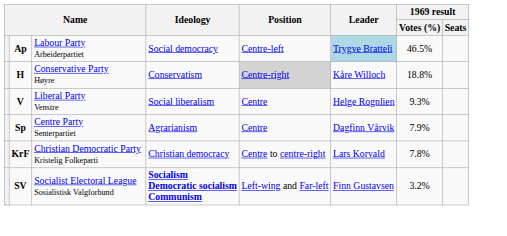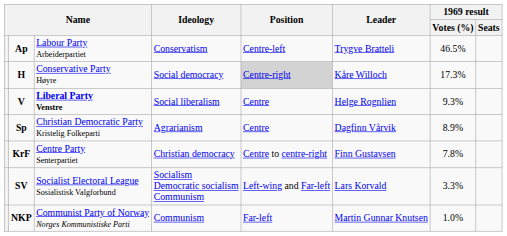 <table class="wikitable">
 <tr>
 <th rowspan=2 colspan=3 width=225px>Name</th>
 <th rowspan=2>Ideology</th>
 <th rowspan=2>Position</th>
 <th rowspan=2>Leader</th>
 <th colspan=2>1969 result</th>
 </tr>
 <tr>
 <th>Votes (%)</th>
 <th>Seats</th>
 </tr>
 <tr>
 <th style="background:"></th>
 <td align=center><strong>Ap</strong></td>
 <td><a href='#'>Labour Party</a><br><small>Arbeiderpartiet</small></td>
-<td><a href='#'>Social democracy</a></td>
+<td><a href='#'>Conservatism</a></td>
 <td><a href='#'>Centre-left</a></td>
-<td style="background: lightblue;"><a href='#'>Trygve Bratteli</a></td>
+<td><a href='#'>Trygve Bratteli</a></td>
 <td align=center>46.5%</td>
 <td></td>
 </tr>
 <tr>
 <th style="background:"></th>
 <td align=center><strong>H</strong></td>
 <td><a href='#'>Conservative Party</a><br><small>Høyre</small></td>
-<td><a href='#'>Conservatism</a></td>
+<td><a href='#'>Social democracy</a></td>
 <td style="background: lightgrey;"><a href='#'>Centre-right</a></td>
 <td><a href='#'>Kåre Willoch</a></td>
-<td align=center>18.8%</td>
+<td align=center>17.3%</td>
 <td></td>
 </tr>
 <tr>
 <th style="background:"></th>
 <td align="center"><strong>V</strong></td>
-<td><a href='#'>Liberal Party</a><br><small>Venstre</small></td>
+<td><strong><a href='#'>Liberal Party</a><br><small>Venstre</small></strong></td>
 <td><a href='#'>Social liberalism</a></td>
 <td><a href='#'>Centre</a></td>
 <td><a href='#'>Helge Rognlien</a></td>
 <td align="center">9.3%</td>
 <td></td>
 </tr>
 <tr>
 <th style="background:"></th>
 <td align="center"><strong>Sp</strong></td>
-<td><a href='#'>Centre Party</a><br><small>Senterpartiet</small></td>
+<td><a href='#'>Christian Democratic Party</a><br><small>Kristelig Folkeparti</small></td>
 <td><a href='#'>Agrarianism</a></td>
 <td><a href='#'>Centre</a></td>
 <td><a href='#'>Dagfinn Vårvik</a></td>
-<td align="center">7.9%</td>
+<td align="center">8.9%</td>
 <td></td>
 </tr>
 <tr>
 <th style="background:"></th>
 <td align="center"><strong>KrF</strong></td>
-<td><a href='#'>Christian Democratic Party</a><br><small>Kristelig Folkeparti</small></td>
+<td><a href='#'>Centre Party</a><br><small>Senterpartiet</small></td>
 <td><a href='#'>Christian democracy</a></td>
 <td><a href='#'>Centre</a> to <a href='#'>centre-right</a></td>
-<td><a href='#'>Lars Korvald</a></td>
+<td><a href='#'>Finn Gustavsen</a></td>
 <td align="center">7.8%</td>
 <td></td>
 </tr>
 <tr>
 <th style="background:"></th>
 <td align="center"><strong>SV</strong></td>
 <td><a href='#'>Socialist Electoral League</a><br><small>Sosialistisk Valgforbund</small></td>
-<td><strong><a href='#'>Socialism</a><br><a href='#'>Democratic socialism</a><br><a href='#'>Communism</a></strong></td>
+<td><a href='#'>Socialism</a><br><a href='#'>Democratic socialism</a><br><a href='#'>Communism</a></td>
 <td><a href='#'>Left-wing</a> and <a href='#'>Far-left</a></td>
-<td><a href='#'>Finn Gustavsen</a></td>
-<td align="center">3.2%</td>
+<td><a href='#'>Lars Korvald</a></td>
+<td align="center">3.3%</td>
+<td></td>
+</tr>
+<tr>
+<th style="background:"></th>
+<td align="center"><strong>NKP</strong></td>
+<td><a href='#'>Communist Party of Norway</a><br><small><em>Norges Kommunistiske Parti</em></small></td>
+<td><a href='#'>Communism</a></td>
+<td><a href='#'>Far-left</a></td>
+<td><a href='#'>Martin Gunnar Knutsen</a></td>
+<td align="center">1.0%</td>
 <td></td>
 </tr>
 </table>
